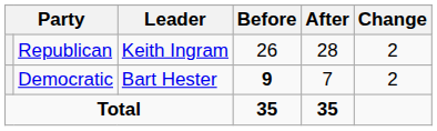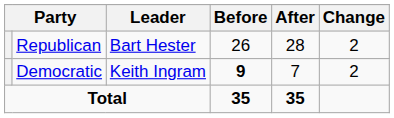 <table class="wikitable" style="text-align:center;">
 <tr>
 </tr>
 <tr>
 <th colspan=2>Party</th>
 <th>Leader</th>
 <th>Before</th>
 <th>After</th>
 <th>Change</th>
 </tr>
 <tr>
 <th style="background-color:"></th>
 <td style="text-align:left;"><a href='#'>Republican</a></td>
-<td style="text-align:left;"><a href='#'>Keith Ingram</a></td>
+<td style="text-align:left;"><a href='#'>Bart Hester</a></td>
 <td>26</td>
 <td>28</td>
 <td> 2</td>
 </tr>
 <tr>
 <th style="background-color:"></th>
 <td style="text-align:left;"><a href='#'>Democratic</a></td>
-<td style="text-align:left;"><a href='#'>Bart Hester</a></td>
+<td style="text-align:left;"><a href='#'>Keith Ingram</a></td>
 <td><strong>9</strong></td>
 <td>7</td>
 <td> 2</td>
 </tr>
 <tr>
 <td colspan=3><strong>Total</strong></td>
 <td><strong>35</strong></td>
 <td><strong>35</strong></td>
 <td></td>
 </tr>
 </table>
